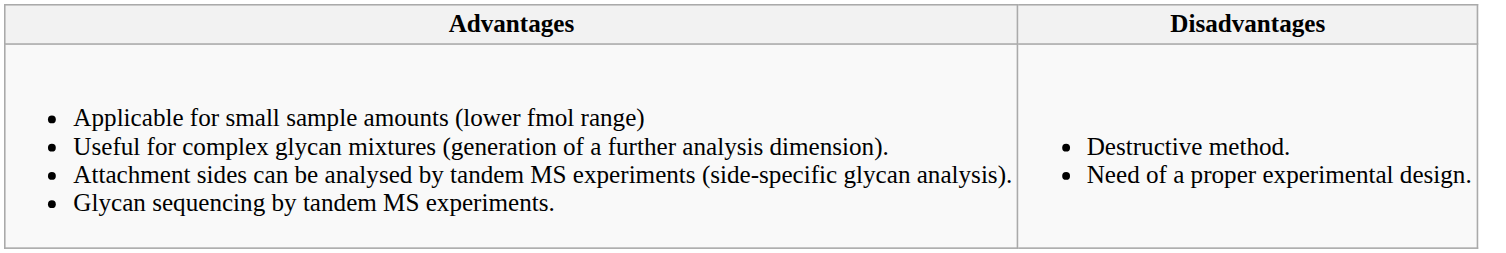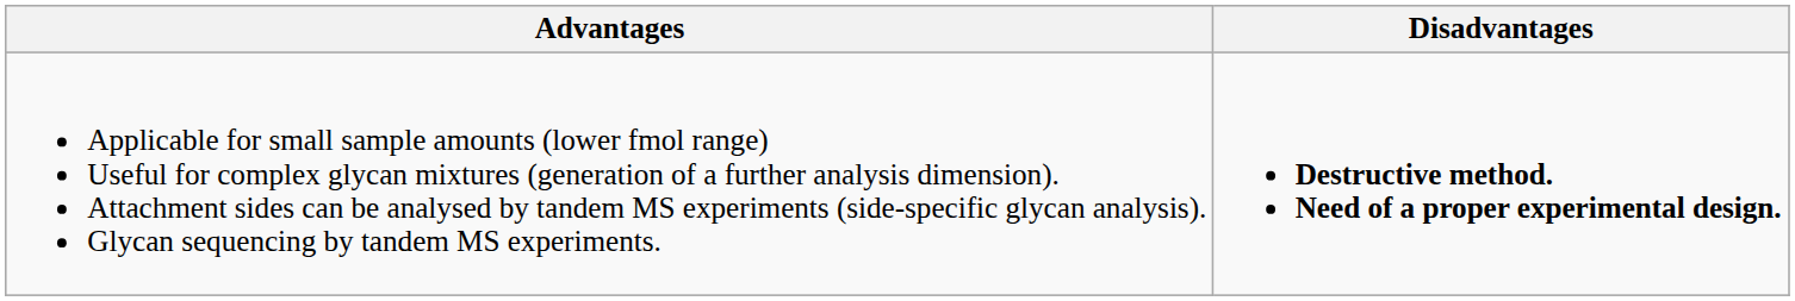 <table class="wikitable" border="1">
 <tr>
 <th><strong>Advantages</strong></th>
 <th><strong>Disadvantages</strong></th>
 </tr>
 <tr>
 <td><br><ul><li>Applicable for small sample amounts (lower fmol range)</li><li>Useful for complex glycan mixtures (generation of a further analysis dimension).</li><li>Attachment sides can be analysed by tandem MS experiments (side-specific glycan analysis).</li><li>Glycan sequencing by tandem MS experiments.</li></ul></td>
-<td><br><ul><li>Destructive method.</li><li>Need of a proper experimental design.</li></ul></td>
+<td><strong><br><ul><li>Destructive method.</li><li>Need of a proper experimental design.</li></ul></strong></td>
 </tr>
 </table>
